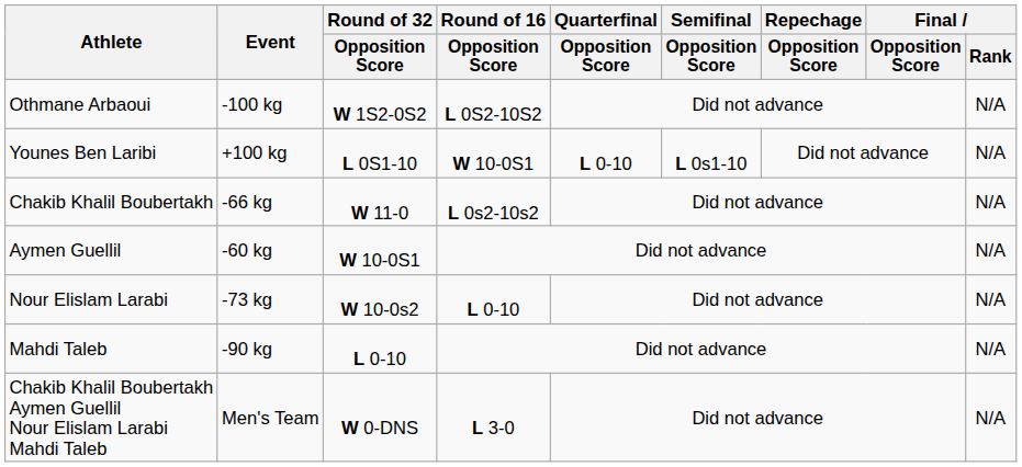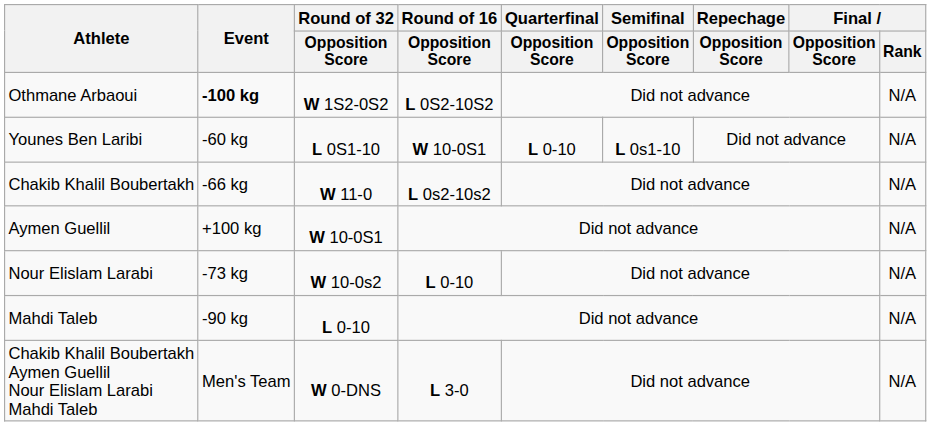 <table class="wikitable" style="font-size:90%">
 <tr>
 <th rowspan=2>Athlete</th>
 <th rowspan=2>Event</th>
 <th>Round of 32</th>
 <th>Round of 16</th>
 <th>Quarterfinal</th>
 <th>Semifinal</th>
 <th>Repechage</th>
 <th colspan=3>Final / </th>
 </tr>
 <tr style="font-size:95%">
 <th>Opposition<br>Score</th>
 <th>Opposition<br>Score</th>
 <th>Opposition<br>Score</th>
 <th>Opposition<br>Score</th>
 <th>Opposition<br>Score</th>
 <th>Opposition<br>Score</th>
 <th>Rank</th>
 </tr>
 <tr align=center>
 <td align=left>Othmane Arbaoui</td>
-<td align=left>-100 kg</td>
+<td align=left><strong>-100 kg</strong></td>
 <td><br><strong>W</strong> 1S2-0S2</td>
 <td><br><strong>L</strong> 0S2-10S2</td>
 <td colspan=4>Did not advance</td>
 <td>N/A</td>
 </tr>
 <tr align=center>
 <td align=left>Younes Ben Laribi</td>
-<td align=left>+100 kg</td>
+<td align=left>-60 kg</td>
 <td><br><strong>L</strong> 0S1-10</td>
 <td><br><strong>W</strong> 10-0S1</td>
 <td><br><strong>L</strong> 0-10</td>
 <td><br><strong>L</strong> 0s1-10</td>
 <td colspan=2>Did not advance</td>
 <td>N/A</td>
 </tr>
 <tr align=center>
 <td align=left>Chakib Khalil Boubertakh</td>
 <td align=left>-66 kg</td>
 <td><br><strong>W</strong> 11-0</td>
 <td><br><strong>L</strong> 0s2-10s2</td>
 <td colspan=4>Did not advance</td>
 <td>N/A</td>
 </tr>
 <tr align=center>
 <td align=left>Aymen Guellil</td>
-<td align=left>-60 kg</td>
+<td align=left>+100 kg</td>
 <td><br><strong>W</strong> 10-0S1</td>
 <td colspan=5>Did not advance</td>
 <td>N/A</td>
 </tr>
 <tr align=center>
 <td align=left>Nour Elislam Larabi</td>
 <td align=left>-73 kg</td>
 <td><br><strong>W</strong> 10-0s2</td>
 <td><br><strong>L</strong> 0-10</td>
 <td colspan=4>Did not advance</td>
 <td>N/A</td>
 </tr>
 <tr align=center>
 <td align=left>Mahdi Taleb</td>
 <td align=left>-90 kg</td>
 <td><br><strong>L</strong> 0-10</td>
 <td colspan=5>Did not advance</td>
 <td>N/A</td>
 </tr>
 <tr align=center>
 <td align=left>Chakib Khalil Boubertakh<br>Aymen Guellil<br>Nour Elislam Larabi<br>Mahdi Taleb</td>
 <td align=left>Men's Team</td>
 <td><br><strong>W</strong> 0-DNS</td>
 <td><br><strong>L</strong> 3-0</td>
 <td colspan=4>Did not advance</td>
 <td>N/A</td>
 </tr>
 </table>
